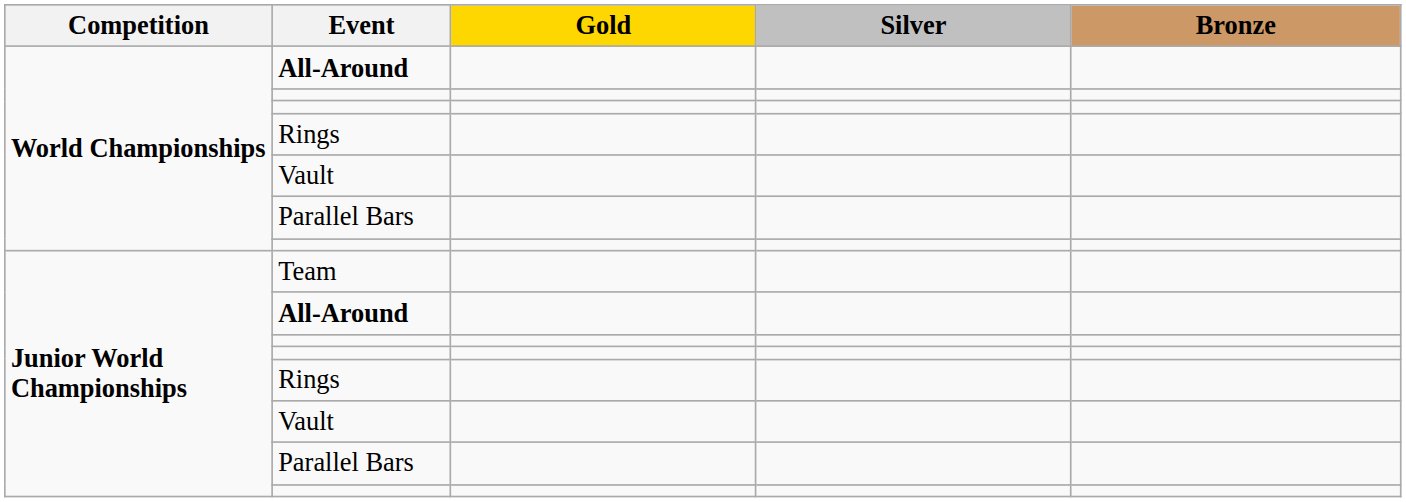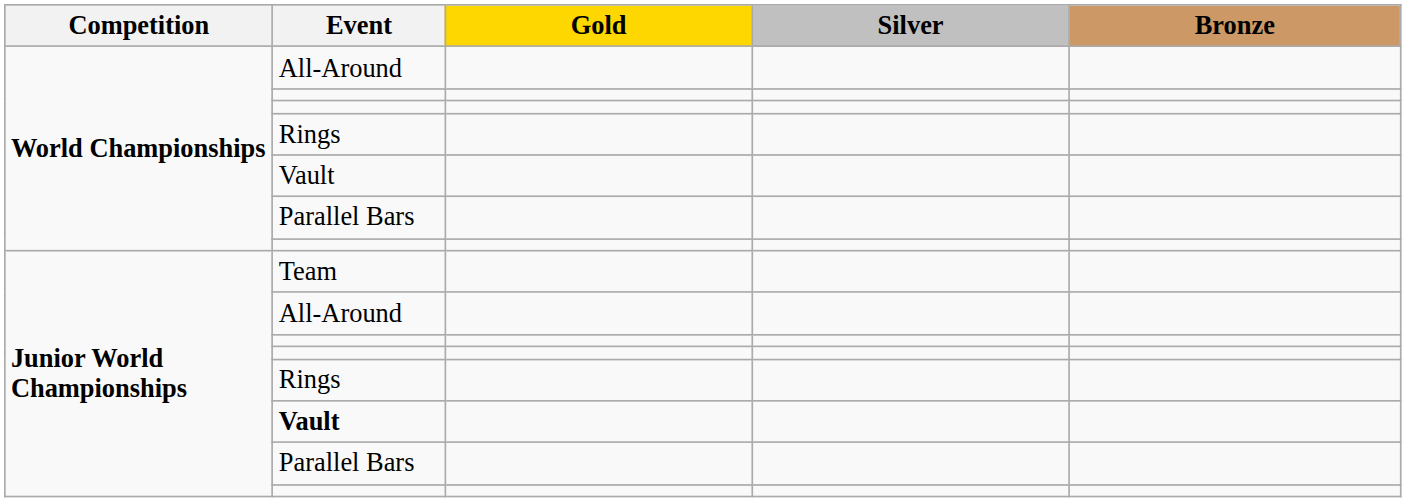 <table class="wikitable" style="width:67%;">
 <tr>
 <th style="text-align:center; width:1%;">Competition</th>
 <th style="text-align:center; width:1%;">Event</th>
 <td style="text-align:center; width:3%; background:gold;"><strong>Gold</strong></td>
 <td style="text-align:center; width:3%; background:silver;"><strong>Silver</strong></td>
 <td style="text-align:center; width:3%; background:#c96;"><strong>Bronze</strong></td>
 </tr>
 <tr>
 <td rowspan=7><strong>World Championships</strong></td>
-<td><strong>All-Around</strong></td>
+<td>All-Around</td>
 <td></td>
 <td></td>
 <td></td>
 </tr>
 <tr>
 <td></td>
 <td></td>
 <td></td>
 <td></td>
 </tr>
 <tr>
 <td></td>
 <td></td>
 <td></td>
 <td></td>
 </tr>
 <tr>
 <td>Rings</td>
 <td></td>
 <td></td>
 <td></td>
 </tr>
 <tr>
 <td>Vault</td>
 <td></td>
 <td></td>
 <td></td>
 </tr>
 <tr>
 <td>Parallel Bars</td>
 <td></td>
 <td></td>
 <td></td>
 </tr>
 <tr>
 <td></td>
 <td></td>
 <td></td>
 <td></td>
 </tr>
 <tr>
 <td rowspan=8><strong>Junior World Championships</strong></td>
 <td>Team</td>
 <td></td>
 <td></td>
 <td></td>
 </tr>
 <tr>
-<td><strong>All-Around</strong></td>
+<td>All-Around</td>
 <td></td>
 <td></td>
 <td></td>
 </tr>
 <tr>
 <td></td>
 <td></td>
 <td></td>
 <td></td>
 </tr>
 <tr>
 <td></td>
 <td></td>
 <td></td>
 <td></td>
 </tr>
 <tr>
 <td>Rings</td>
 <td></td>
 <td></td>
 <td></td>
 </tr>
 <tr>
-<td>Vault</td>
+<td><strong>Vault</strong></td>
 <td></td>
 <td></td>
 <td></td>
 </tr>
 <tr>
 <td>Parallel Bars</td>
 <td></td>
 <td></td>
 <td></td>
 </tr>
 <tr>
 <td></td>
 <td></td>
 <td></td>
 <td></td>
 </tr>
 </table>
